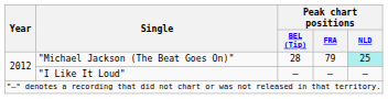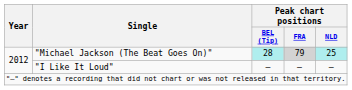 <table class="wikitable" style="text-align:center;">
 <tr>
 <th rowspan="2">Year</th>
 <th rowspan="2">Single</th>
 <th colspan="3">Peak chart positions</th>
 </tr>
 <tr style="font-size:smaller;">
 <th width="45"><a href='#'>BEL<br>(Tip)</a><br></th>
 <th width="45"><a href='#'>FRA</a><br></th>
 <th width="45"><a href='#'>NLD</a><br></th>
 </tr>
 <tr>
 <td rowspan="2">2012</td>
 <td align="left">"Michael Jackson (The Beat Goes On)"</td>
-<td>28</td>
-<td>79</td>
+<td style="background: paleturquoise;">28</td>
+<td style="background: lightgrey;">79</td>
 <td style="background: paleturquoise;">25</td>
 </tr>
 <tr>
 <td align="left">"I Like It Loud"</td>
 <td>—</td>
 <td>—</td>
 <td>—</td>
 </tr>
 <tr>
 <td colspan="6" style="font-size:85%">"—" denotes a recording that did not chart or was not released in that territory.</td>
 </tr>
 </table>
